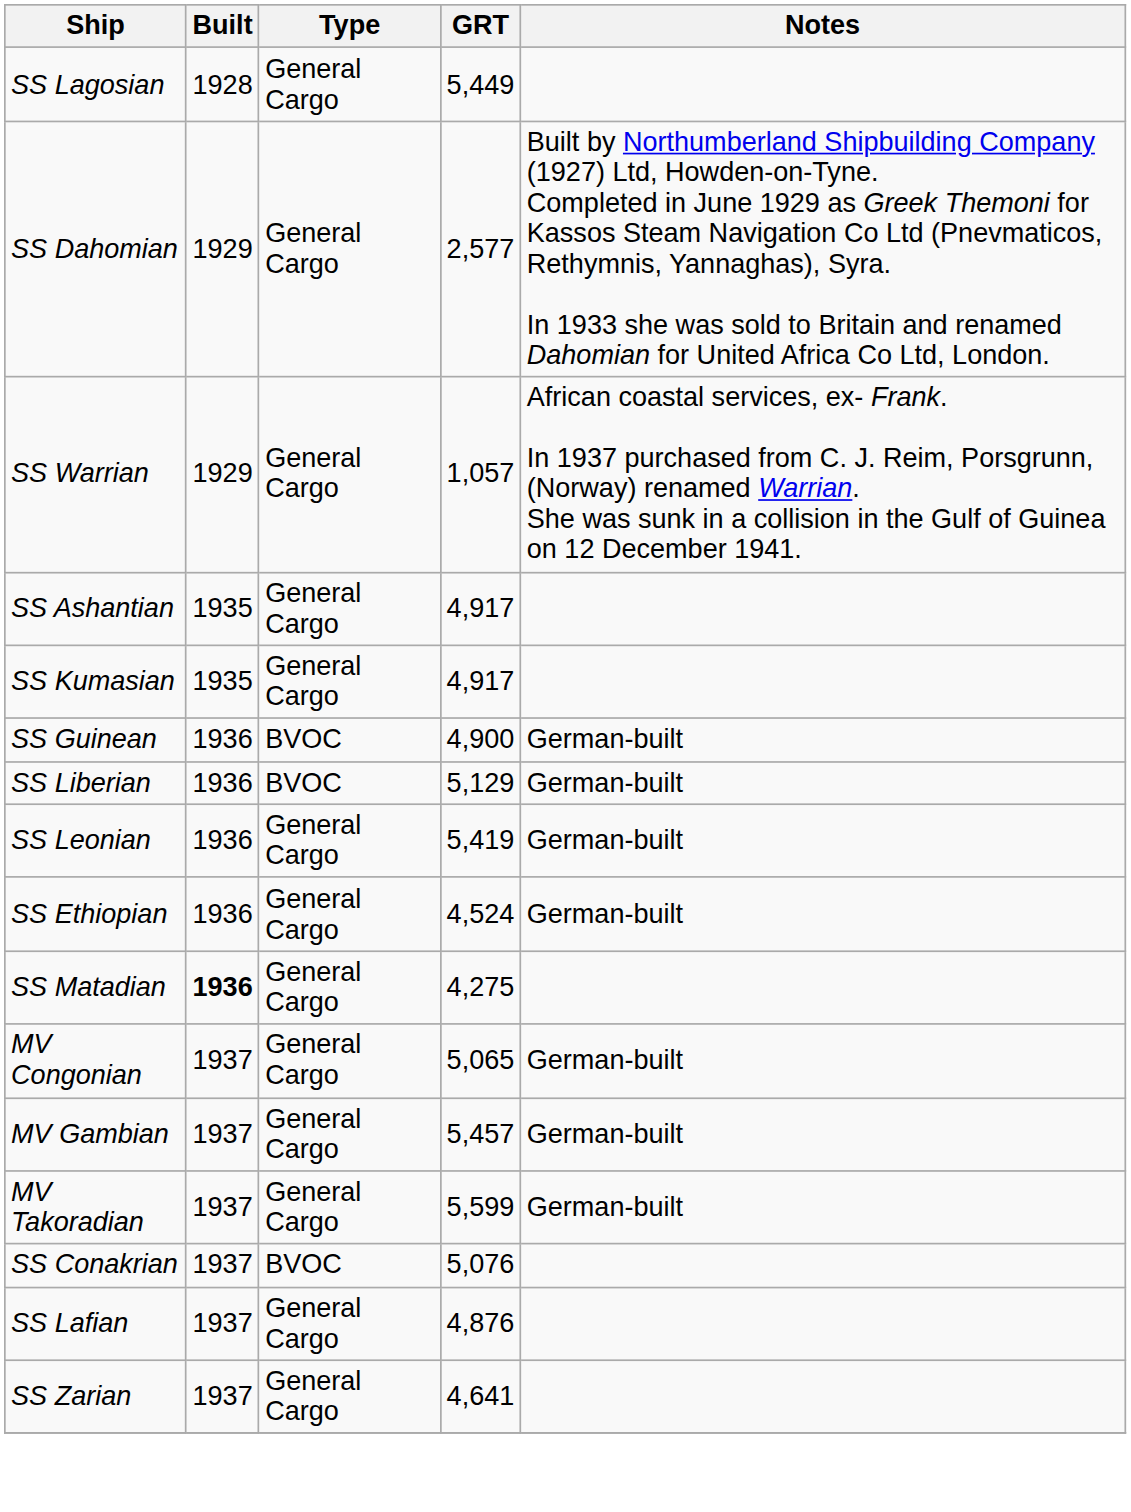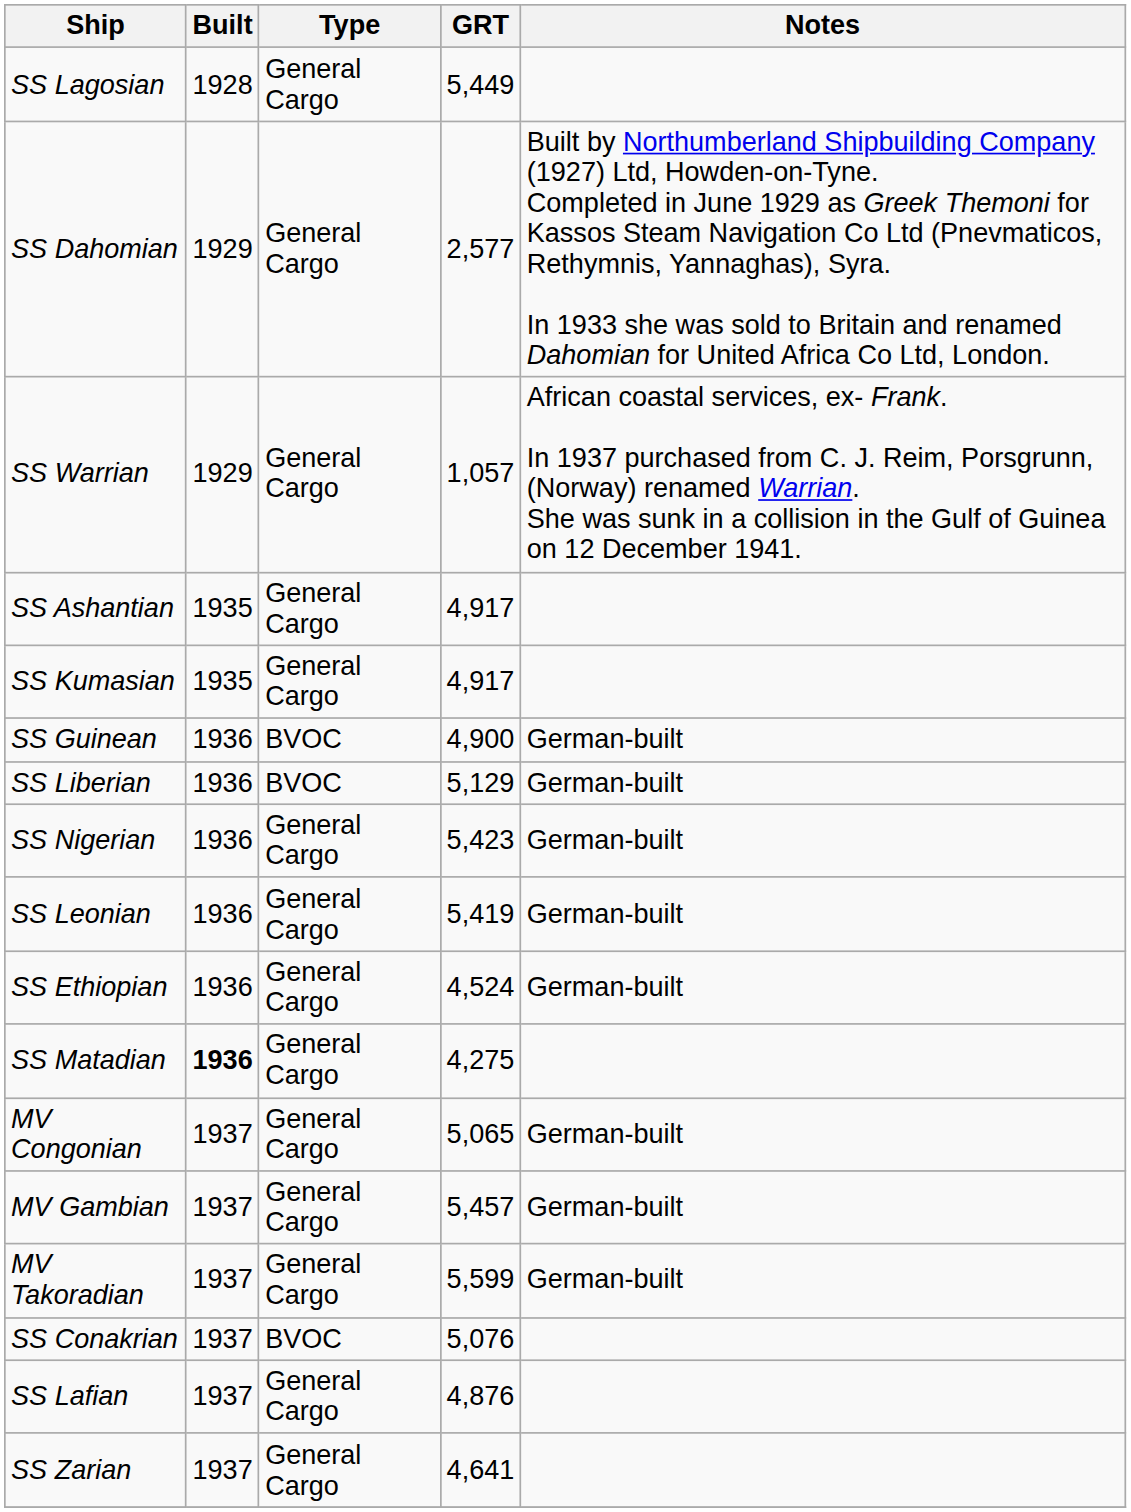 <table class="wikitable sortable">
 <tr>
 <th scope="col" width="100px" text-align="left">Ship</th>
 <th scope="col" width="30px"  text-align="center">Built</th>
 <th scope="col" width="100px"  text-align="center">Type</th>
 <th scope="col" width="30px"  text-align="center">GRT</th>
 <th scope="col" width="350px" text-align="left" class="unsortable">Notes</th>
 </tr>
 <tr>
 <td><em>SS Lagosian</em></td>
 <td align="Center">1928</td>
 <td>General Cargo</td>
 <td align="Center">5,449</td>
 <td></td>
 </tr>
 <tr>
 <td><em>SS Dahomian</em></td>
 <td align="Center">1929</td>
 <td>General Cargo</td>
 <td align="Center">2,577</td>
 <td>Built by <a href='#'>Northumberland Shipbuilding Company</a> (1927) Ltd, Howden-on-Tyne.<br>Completed in June 1929 as <em>Greek Themoni</em> for Kassos Steam Navigation Co Ltd (Pnevmaticos, Rethymnis, Yannaghas), Syra.<br><br>In 1933 she was sold to Britain and renamed <em>Dahomian</em> for United Africa Co Ltd, London.</td>
 </tr>
 <tr>
 <td><em>SS Warrian</em></td>
 <td align="Center">1929</td>
 <td>General Cargo</td>
 <td align="Center">1,057</td>
 <td>African coastal services, ex- <em>Frank</em>.<br><br>In 1937 purchased from C. J. Reim, Porsgrunn, (Norway) renamed <em><a href='#'>Warrian</a></em>.<br> She was sunk in a collision in the Gulf of Guinea on 12 December 1941.</td>
 </tr>
 <tr>
 <td><em>SS Ashantian</em></td>
 <td align="Center">1935</td>
 <td>General Cargo</td>
 <td align="Center">4,917</td>
 <td></td>
 </tr>
 <tr>
 <td><em>SS Kumasian</em></td>
 <td align="Center">1935</td>
 <td>General Cargo</td>
 <td align="Center">4,917</td>
 <td></td>
 </tr>
 <tr>
 <td><em>SS Guinean</em></td>
 <td align="Center">1936</td>
 <td><abbr>BVOC</abbr></td>
 <td align="Center">4,900</td>
 <td>German-built</td>
 </tr>
 <tr>
 <td><em>SS Liberian</em></td>
 <td align="Center">1936</td>
 <td><abbr>BVOC</abbr></td>
 <td align="Center">5,129</td>
+<td>German-built</td>
+</tr>
+<tr>
+<td><em>SS Nigerian</em></td>
+<td align="Center">1936</td>
+<td>General Cargo</td>
+<td align="Center">5,423</td>
 <td>German-built</td>
 </tr>
 <tr>
 <td><em>SS Leonian</em></td>
 <td align="Center">1936</td>
 <td>General Cargo</td>
 <td align="Center">5,419</td>
 <td>German-built</td>
 </tr>
 <tr>
 <td><em>SS Ethiopian</em></td>
 <td align="Center">1936</td>
 <td>General Cargo</td>
 <td align="Center">4,524</td>
 <td>German-built</td>
 </tr>
 <tr>
 <td><em>SS Matadian</em></td>
 <td align="Center"><strong>1936</strong></td>
 <td>General Cargo</td>
 <td align="Center">4,275</td>
 <td></td>
 </tr>
 <tr>
 <td><em>MV Congonian</em></td>
 <td align="Center">1937</td>
 <td>General Cargo</td>
 <td align="Center">5,065</td>
 <td>German-built</td>
 </tr>
 <tr>
 <td><em>MV Gambian</em></td>
 <td align="Center">1937</td>
 <td>General Cargo</td>
 <td align="Center">5,457</td>
 <td>German-built</td>
 </tr>
 <tr>
 <td><em>MV Takoradian</em></td>
 <td align="Center">1937</td>
 <td>General Cargo</td>
 <td align="Center">5,599</td>
 <td>German-built</td>
 </tr>
 <tr>
 <td><em>SS Conakrian</em></td>
 <td align="Center">1937</td>
 <td><abbr>BVOC</abbr></td>
 <td align="Center">5,076</td>
 <td></td>
 </tr>
 <tr>
 <td><em>SS Lafian</em></td>
 <td align="Center">1937</td>
 <td>General Cargo</td>
 <td align="Center">4,876</td>
 <td></td>
 </tr>
 <tr>
 <td><em>SS Zarian</em></td>
 <td align="Center">1937</td>
 <td>General Cargo</td>
 <td align="Center">4,641</td>
 <td></td>
 </tr>
 <tr>
 </tr>
 </table>
